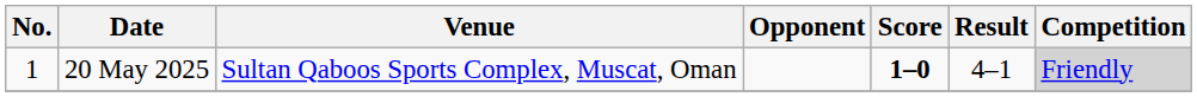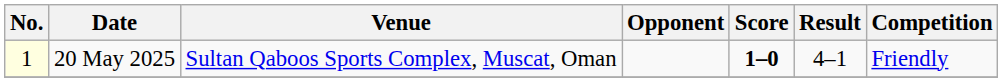 <table class="wikitable sortable">
 <tr>
 <th scope="col">No.</th>
 <th scope="col">Date</th>
 <th scope="col">Venue</th>
 <th scope="col">Opponent</th>
 <th scope="col">Score</th>
 <th scope="col">Result</th>
 <th scope="col">Competition</th>
 </tr>
 <tr>
-<td style="text-align:center">1</td>
+<td style="background: lightyellow; text-align:center">1</td>
 <td>20 May 2025</td>
 <td><a href='#'>Sultan Qaboos Sports Complex</a>, <a href='#'>Muscat</a>, Oman</td>
 <td></td>
 <td style="text-align:center"><strong>1–0</strong></td>
 <td style="text-align:center">4–1</td>
-<td style="background: lightgrey;"><a href='#'>Friendly</a></td>
+<td><a href='#'>Friendly</a></td>
 </tr>
 <tr>
 </tr>
 </table>
